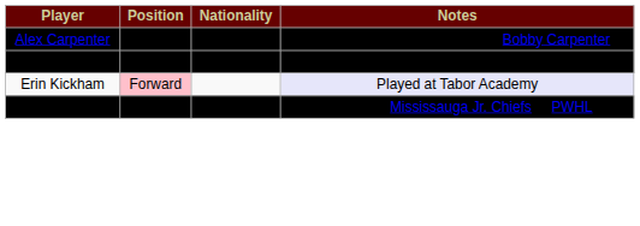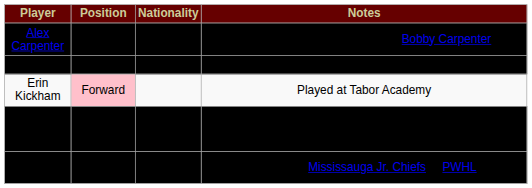 <table class="wikitable" width="80%">
 <tr align="center" style="background:#660000;color:#CCCC99;">
 <td><strong>Player</strong></td>
 <td><strong>Position</strong></td>
 <td><strong>Nationality</strong></td>
 <td><strong>Notes</strong></td>
 </tr>
 <tr align="center" bgcolor=" ">
 <td><a href='#'>Alex Carpenter</a></td>
 <td>Forward</td>
 <td></td>
 <td>Daughter of former NHL player <a href='#'>Bobby Carpenter</a></td>
 </tr>
 <tr align="center" bgcolor=" ">
 <td>Emily Field</td>
 <td>Forward</td>
 <td></td>
 <td>Played at the Lawrence Academy</td>
 </tr>
 <tr align="center">
 <td>Erin Kickham</td>
 <td style="background: pink;">Forward</td>
 <td></td>
-<td style="background: lavender;">Played at Tabor Academy</td>
+<td>Played at Tabor Academy</td>
+</tr>
+<tr align="center" bgcolor=" ">
+<td>Megan Miller</td>
+<td>Goaltender</td>
+<td></td>
+<td>She was a 2011 Team USA U-18 World Championship team member. In addition, she led the Chicago Mission to four straight Illinois state championships</td>
 </tr>
 <tr align="center" bgcolor=" ">
 <td>Emily Pfalzer</td>
 <td>Defense</td>
 <td></td>
 <td>Played for <a href='#'>Mississauga Jr. Chiefs</a> of <a href='#'>PWHL</a></td>
 </tr>
 <tr align="center" bgcolor=" ">
 </tr>
 </table>
